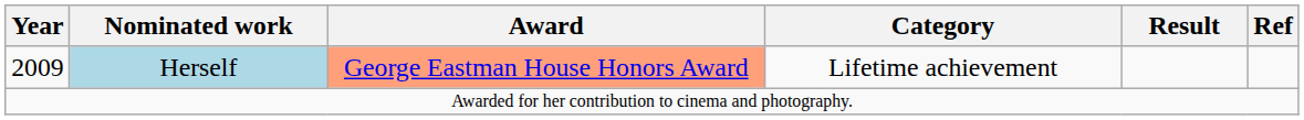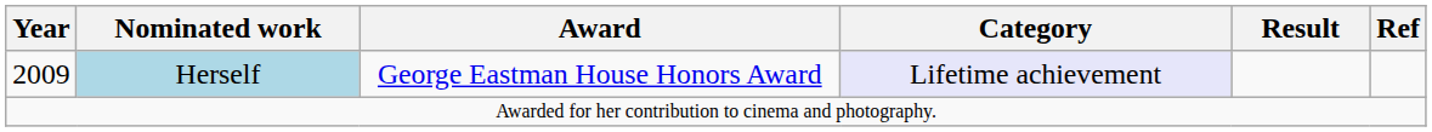 <table class="wikitable" style="text-align:center;">
 <tr>
 <th width="30">Year</th>
 <th width="150">Nominated work</th>
 <th width="260">Award</th>
 <th width="210">Category</th>
 <th width="70">Result</th>
 <th width="20">Ref</th>
 </tr>
 <tr>
 <td>2009</td>
 <td style="background: lightblue;">Herself</td>
-<td style="background: lightsalmon;"><a href='#'>George Eastman House Honors Award</a></td>
-<td>Lifetime achievement</td>
+<td><a href='#'>George Eastman House Honors Award</a></td>
+<td style="background: lavender;">Lifetime achievement</td>
 <td></td>
 <td></td>
 </tr>
 <tr>
 <td colspan="6" style="font-size: 8pt" align="center" width="740">Awarded for her contribution to cinema and photography.</td>
 </tr>
 </table>
